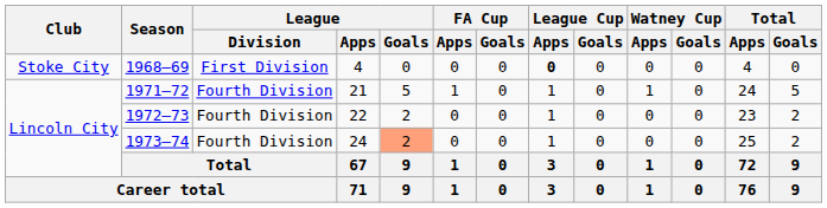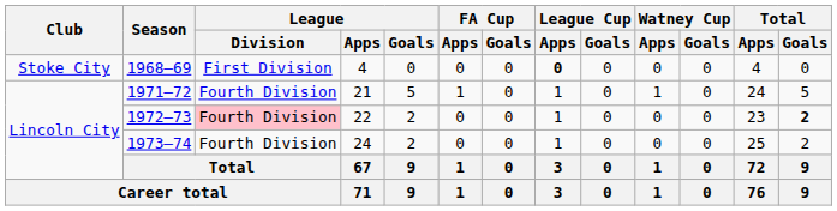 <table class="wikitable" style="text-align: center;">
 <tr>
 <th rowspan="2">Club</th>
 <th rowspan="2">Season</th>
 <th colspan="3">League</th>
 <th colspan="2">FA Cup</th>
 <th colspan="2">League Cup</th>
 <th colspan="2">Watney Cup</th>
 <th colspan="2">Total</th>
 </tr>
 <tr>
 <th>Division</th>
 <th>Apps</th>
 <th>Goals</th>
 <th>Apps</th>
 <th>Goals</th>
 <th>Apps</th>
 <th>Goals</th>
 <th>Apps</th>
 <th>Goals</th>
 <th>Apps</th>
 <th>Goals</th>
 </tr>
 <tr>
 <td><a href='#'>Stoke City</a></td>
 <td><a href='#'>1968–69</a></td>
 <td><a href='#'>First Division</a></td>
 <td>4</td>
 <td>0</td>
 <td>0</td>
 <td>0</td>
 <td><strong>0</strong></td>
 <td>0</td>
 <td>0</td>
 <td>0</td>
 <td>4</td>
 <td>0</td>
 </tr>
 <tr>
 <td rowspan="4"><a href='#'>Lincoln City</a></td>
 <td><a href='#'>1971–72</a></td>
 <td><a href='#'>Fourth Division</a></td>
 <td>21</td>
 <td>5</td>
 <td>1</td>
 <td>0</td>
 <td>1</td>
 <td>0</td>
 <td>1</td>
 <td>0</td>
 <td>24</td>
 <td>5</td>
 </tr>
 <tr>
 <td><a href='#'>1972–73</a></td>
-<td>Fourth Division</td>
+<td style="background: pink;">Fourth Division</td>
 <td>22</td>
 <td>2</td>
 <td>0</td>
 <td>0</td>
 <td>1</td>
 <td>0</td>
 <td>0</td>
 <td>0</td>
 <td>23</td>
-<td>2</td>
+<td><strong>2</strong></td>
 </tr>
 <tr>
 <td><a href='#'>1973–74</a></td>
 <td>Fourth Division</td>
 <td>24</td>
-<td style="background: lightsalmon;">2</td>
+<td>2</td>
 <td>0</td>
 <td>0</td>
 <td>1</td>
 <td>0</td>
 <td>0</td>
 <td>0</td>
 <td>25</td>
 <td>2</td>
 </tr>
 <tr>
 <th colspan=2>Total</th>
 <th>67</th>
 <th>9</th>
 <th>1</th>
 <th>0</th>
 <th>3</th>
 <th>0</th>
 <th>1</th>
 <th>0</th>
 <th>72</th>
 <th>9</th>
 </tr>
 <tr>
 <th colspan=3>Career total</th>
 <th>71</th>
 <th>9</th>
 <th>1</th>
 <th>0</th>
 <th>3</th>
 <th>0</th>
 <th>1</th>
 <th>0</th>
 <th>76</th>
 <th>9</th>
 </tr>
 </table>
